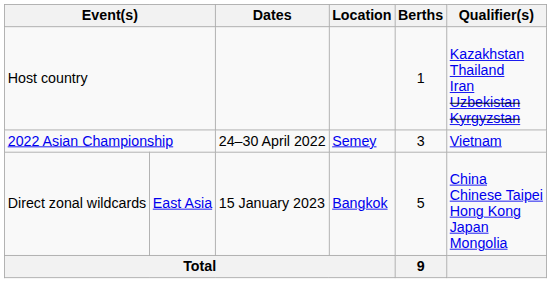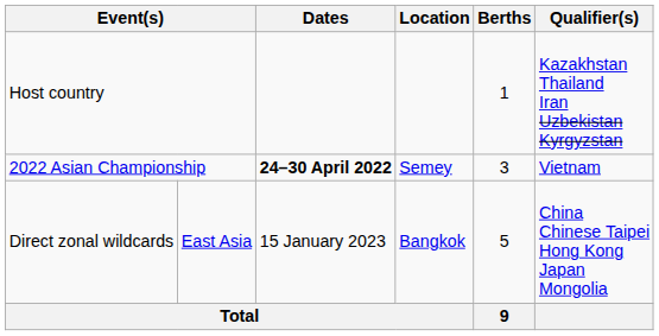 <table class="wikitable">
 <tr>
 <th colspan=2>Event(s)</th>
 <th>Dates</th>
 <th>Location</th>
 <th>Berths</th>
 <th>Qualifier(s)</th>
 </tr>
 <tr>
 <td colspan=2>Host country</td>
 <td></td>
 <td></td>
 <td style="text-align:center">1</td>
 <td><br> <a href='#'>Kazakhstan</a><br>  <a href='#'>Thailand</a><br>  <a href='#'>Iran</a><br> <s> <a href='#'>Uzbekistan</a></s><br> <s> <a href='#'>Kyrgyzstan</a></s></td>
 </tr>
 <tr>
 <td colspan=2><a href='#'>2022 Asian Championship</a></td>
-<td>24–30 April 2022</td>
+<td><strong>24–30 April 2022</strong></td>
 <td> <a href='#'>Semey</a></td>
 <td style="text-align:center">3</td>
 <td> <a href='#'>Vietnam</a></td>
 </tr>
 <tr>
 <td rowspan=1>Direct zonal wildcards</td>
 <td><a href='#'>East Asia</a></td>
 <td rowspan=1>15 January 2023</td>
 <td rowspan=1> <a href='#'>Bangkok</a></td>
 <td style="text-align:center">5</td>
 <td><br> <a href='#'>China</a><br>  <a href='#'>Chinese Taipei</a><br>  <a href='#'>Hong Kong</a><br>  <a href='#'>Japan</a><br>  <a href='#'>Mongolia</a></td>
 </tr>
 <tr>
 <th colspan="4">Total</th>
 <th>9</th>
 <th></th>
 </tr>
 </table>
